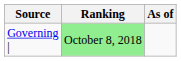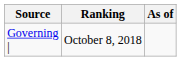 <table class="wikitable" style="text-align:center">
 <tr>
 <th>Source</th>
 <th>Ranking</th>
 <th>As of</th>
 </tr>
 <tr>
 <td style="text-align:left"><a href='#'>Governing</a><br>| </td>
-<td style="background: lightgreen;">October 8, 2018</td>
+<td>October 8, 2018</td>
 </tr>
 </table>
